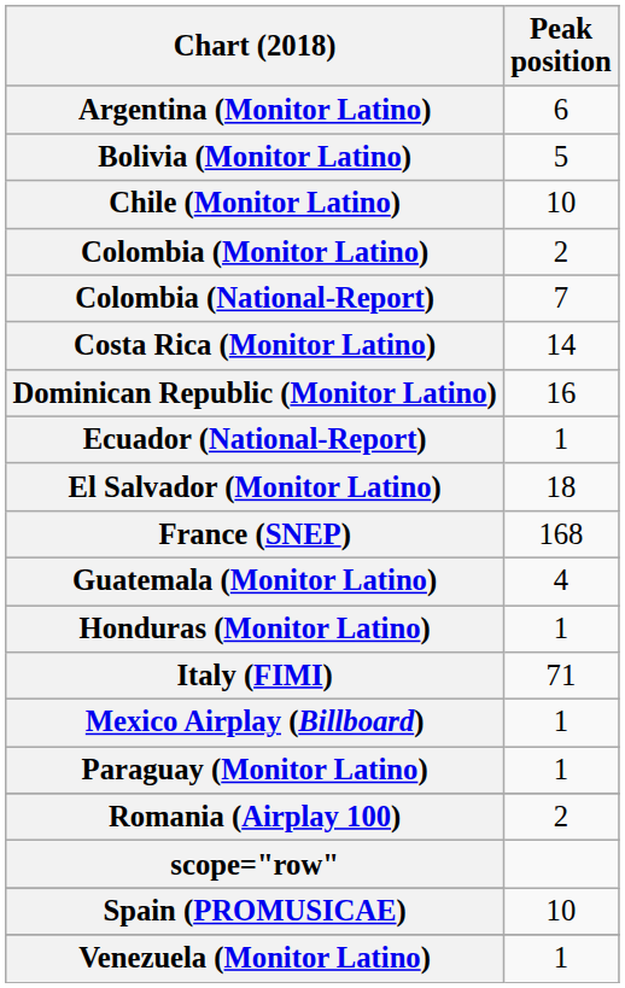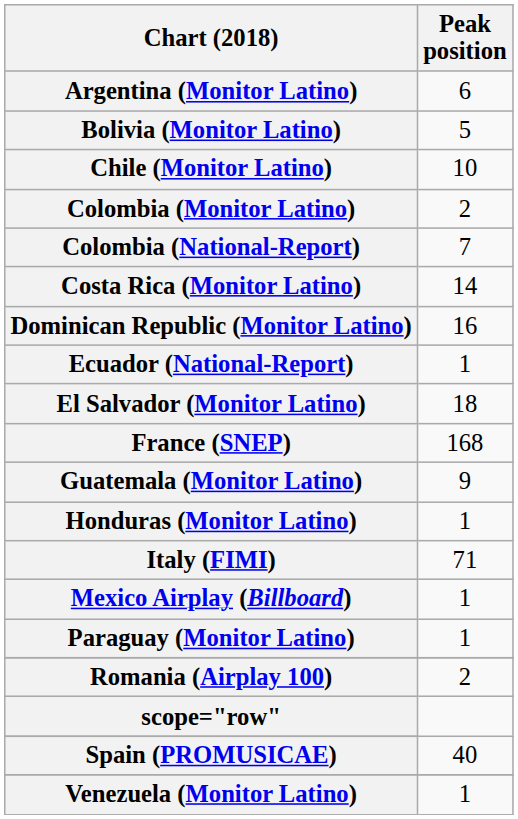 <table class="wikitable sortable plainrowheaders" style="text-align:center">
 <tr>
 <th scope="col">Chart (2018)</th>
 <th scope="col">Peak<br>position</th>
 </tr>
 <tr>
 <th scope="row">Argentina (<a href='#'>Monitor Latino</a>)</th>
 <td>6</td>
 </tr>
 <tr>
 <th scope="row">Bolivia (<a href='#'>Monitor Latino</a>)</th>
 <td>5</td>
 </tr>
 <tr>
 <th scope="row">Chile (<a href='#'>Monitor Latino</a>)</th>
 <td>10</td>
 </tr>
 <tr>
 <th scope="row">Colombia (<a href='#'>Monitor Latino</a>)</th>
 <td>2</td>
 </tr>
 <tr>
 <th scope="row">Colombia (<a href='#'>National-Report</a>)</th>
 <td>7</td>
 </tr>
 <tr>
 <th scope="row">Costa Rica (<a href='#'>Monitor Latino</a>)</th>
 <td>14</td>
 </tr>
 <tr>
 <th scope="row">Dominican Republic (<a href='#'>Monitor Latino</a>)</th>
 <td>16</td>
 </tr>
 <tr>
 <th scope="row">Ecuador (<a href='#'>National-Report</a>)</th>
 <td>1</td>
 </tr>
 <tr>
 <th scope="row">El Salvador (<a href='#'>Monitor Latino</a>)</th>
 <td>18</td>
 </tr>
 <tr>
 <th scope="row">France (<a href='#'>SNEP</a>)</th>
 <td>168</td>
 </tr>
 <tr>
 <th scope="row">Guatemala (<a href='#'>Monitor Latino</a>)</th>
-<td>4</td>
+<td>9</td>
 </tr>
 <tr>
 <th scope="row">Honduras (<a href='#'>Monitor Latino</a>)</th>
 <td>1</td>
 </tr>
 <tr>
 <th scope="row">Italy (<a href='#'>FIMI</a>)</th>
 <td>71</td>
 </tr>
 <tr>
 <th scope="row"><a href='#'>Mexico Airplay</a> (<em><a href='#'>Billboard</a></em>)</th>
 <td>1</td>
 </tr>
 <tr>
 <th scope="row">Paraguay (<a href='#'>Monitor Latino</a>)</th>
 <td>1</td>
 </tr>
 <tr>
 </tr>
 <tr>
 <th scope="row">Romania (<a href='#'>Airplay 100</a>)</th>
 <td>2</td>
 </tr>
 <tr>
 <th>scope="row"</th>
 </tr>
 <tr>
 </tr>
 <tr>
 <th scope="row">Spain (<a href='#'>PROMUSICAE</a>)</th>
-<td>10</td>
+<td>40</td>
 </tr>
 <tr>
 </tr>
 <tr>
 </tr>
 <tr>
 </tr>
 <tr>
 </tr>
 <tr>
 </tr>
 <tr>
 <th scope="row">Venezuela (<a href='#'>Monitor Latino</a>)</th>
 <td>1</td>
 </tr>
 </table>
